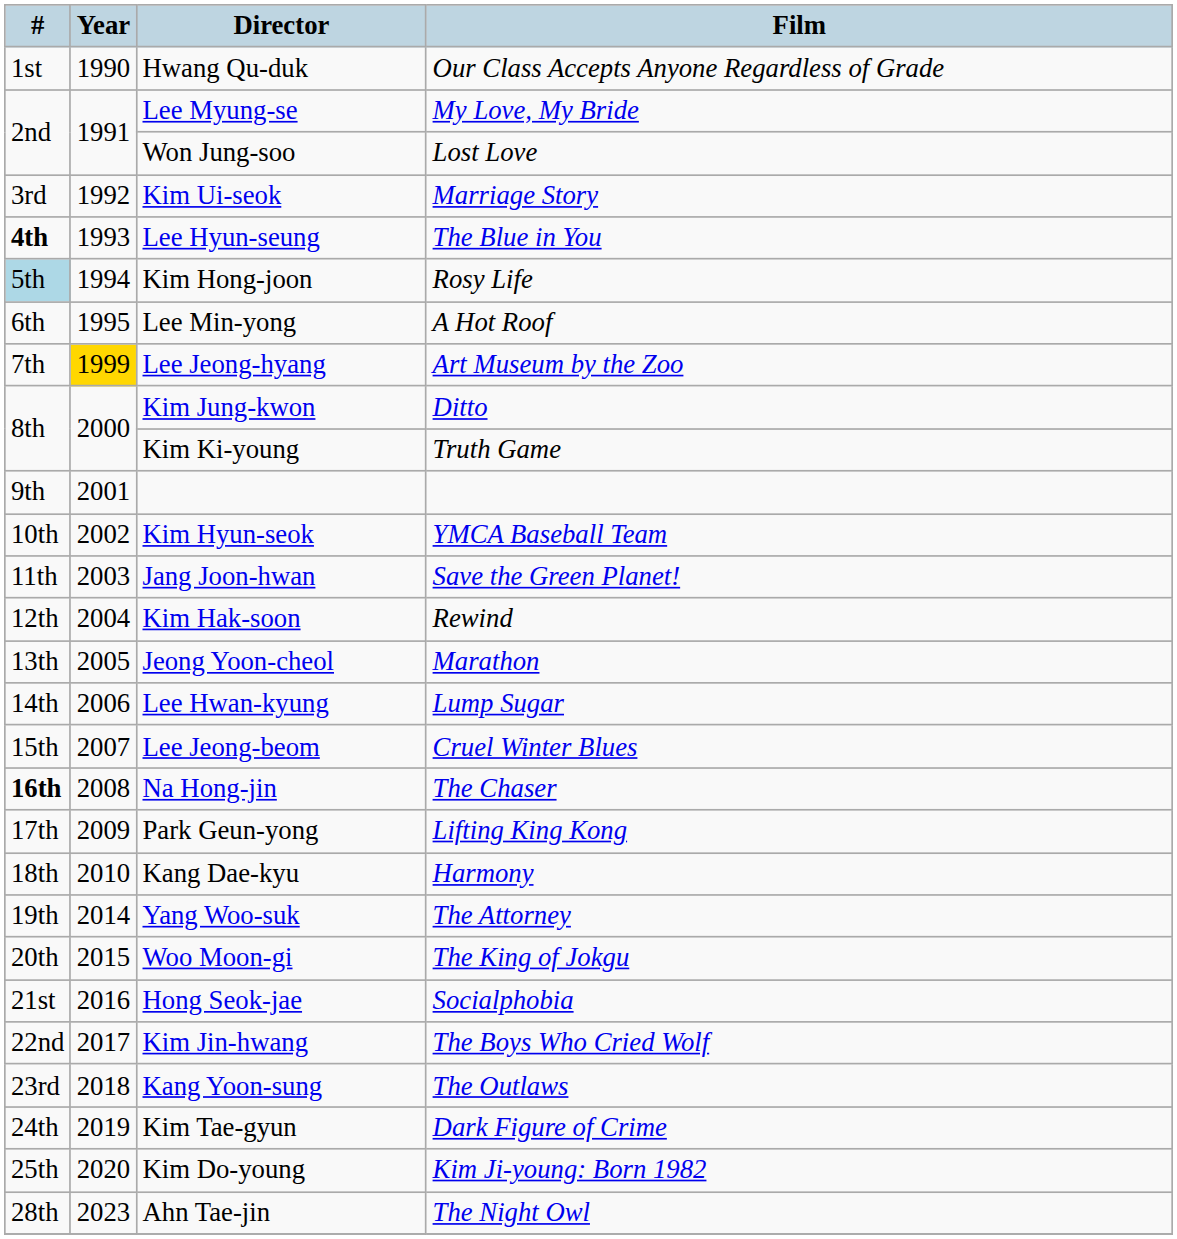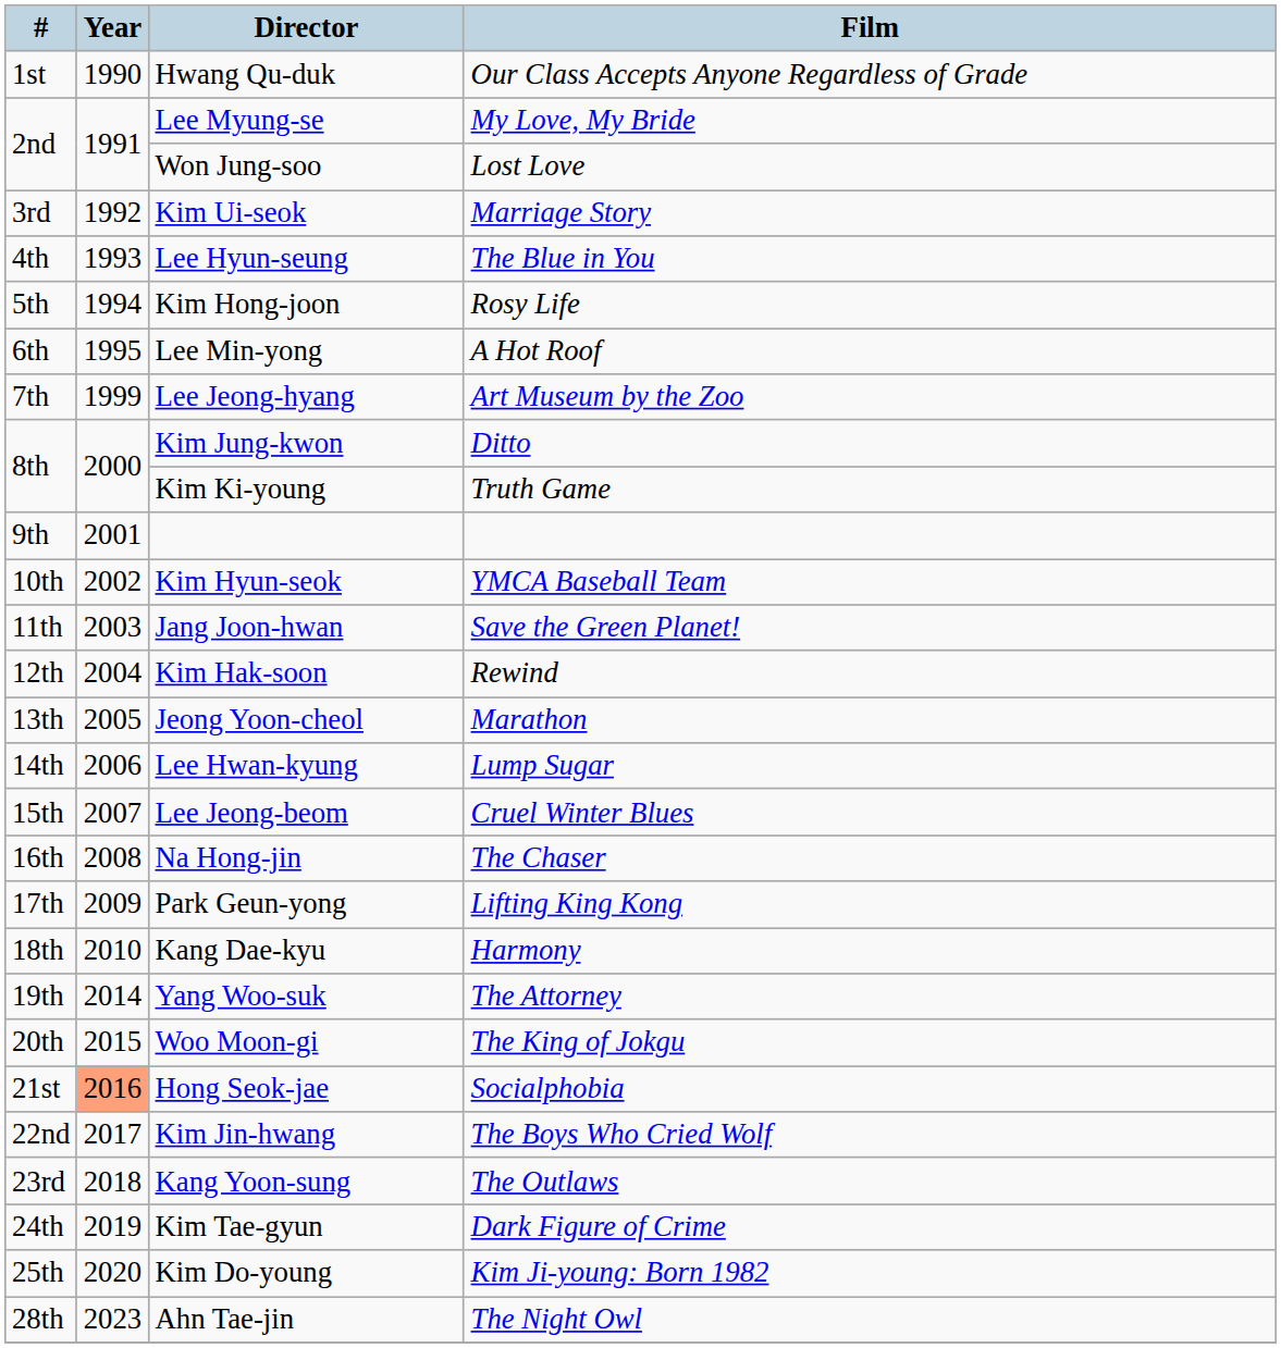 <table class="wikitable" style="width:700px">
 <tr>
 <th style="background:#BED5E1; width:10px">#</th>
 <th style="background:#BED5E1; width:10px">Year</th>
 <th style="background:#BED5E1;">Director</th>
 <th style="background:#BED5E1;">Film</th>
 </tr>
 <tr>
 <td>1st</td>
 <td>1990</td>
 <td>Hwang Qu-duk</td>
 <td><em>Our Class Accepts Anyone Regardless of Grade</em></td>
 </tr>
 <tr>
 <td rowspan=2>2nd</td>
 <td rowspan=2>1991</td>
 <td><a href='#'>Lee Myung-se</a></td>
 <td><em><a href='#'>My Love, My Bride</a></em></td>
 </tr>
 <tr>
 <td>Won Jung-soo</td>
 <td><em>Lost Love</em></td>
 </tr>
 <tr>
 <td>3rd</td>
 <td>1992</td>
 <td><a href='#'>Kim Ui-seok</a></td>
 <td><em><a href='#'>Marriage Story</a></em></td>
 </tr>
 <tr>
-<td><strong>4th</strong></td>
+<td>4th</td>
 <td>1993</td>
 <td><a href='#'>Lee Hyun-seung</a></td>
 <td><em><a href='#'>The Blue in You</a></em></td>
 </tr>
 <tr>
-<td style="background: lightblue;">5th</td>
+<td>5th</td>
 <td>1994</td>
 <td>Kim Hong-joon</td>
 <td><em>Rosy Life</em></td>
 </tr>
 <tr>
 <td>6th</td>
 <td>1995</td>
 <td>Lee Min-yong</td>
 <td><em>A Hot Roof</em></td>
 </tr>
 <tr>
 <td>7th</td>
-<td style="background: gold;">1999</td>
+<td>1999</td>
 <td><a href='#'>Lee Jeong-hyang</a></td>
 <td><em><a href='#'>Art Museum by the Zoo</a></em></td>
 </tr>
 <tr>
 <td rowspan=2>8th</td>
 <td rowspan=2>2000</td>
 <td><a href='#'>Kim Jung-kwon</a></td>
 <td><em><a href='#'>Ditto</a></em></td>
 </tr>
 <tr>
 <td>Kim Ki-young</td>
 <td><em>Truth Game</em></td>
 </tr>
 <tr>
 <td>9th</td>
 <td>2001</td>
 <td></td>
 <td></td>
 </tr>
 <tr>
 <td>10th</td>
 <td>2002</td>
 <td><a href='#'>Kim Hyun-seok</a></td>
 <td><em><a href='#'>YMCA Baseball Team</a></em></td>
 </tr>
 <tr>
 <td>11th</td>
 <td>2003</td>
 <td><a href='#'>Jang Joon-hwan</a></td>
 <td><em><a href='#'>Save the Green Planet!</a></em></td>
 </tr>
 <tr>
 <td>12th</td>
 <td>2004</td>
 <td><a href='#'>Kim Hak-soon</a></td>
 <td><em>Rewind</em> </td>
 </tr>
 <tr>
 <td>13th</td>
 <td>2005</td>
 <td><a href='#'>Jeong Yoon-cheol</a></td>
 <td><em><a href='#'>Marathon</a></em></td>
 </tr>
 <tr>
 <td>14th</td>
 <td>2006</td>
 <td><a href='#'>Lee Hwan-kyung</a></td>
 <td><em><a href='#'>Lump Sugar</a></em></td>
 </tr>
 <tr>
 <td>15th</td>
 <td>2007</td>
 <td><a href='#'>Lee Jeong-beom</a></td>
 <td><em><a href='#'>Cruel Winter Blues</a></em></td>
 </tr>
 <tr>
-<td><strong>16th</strong></td>
+<td>16th</td>
 <td>2008</td>
 <td><a href='#'>Na Hong-jin</a></td>
 <td><em><a href='#'>The Chaser</a></em></td>
 </tr>
 <tr>
 <td>17th</td>
 <td>2009</td>
 <td>Park Geun-yong</td>
 <td><em><a href='#'>Lifting King Kong</a></em></td>
 </tr>
 <tr>
 <td>18th</td>
 <td>2010</td>
 <td>Kang Dae-kyu</td>
 <td><em><a href='#'>Harmony</a></em></td>
 </tr>
 <tr>
 <td>19th</td>
 <td>2014</td>
 <td><a href='#'>Yang Woo-suk</a></td>
 <td><em><a href='#'>The Attorney</a></em></td>
 </tr>
 <tr>
 <td>20th</td>
 <td>2015</td>
 <td><a href='#'>Woo Moon-gi</a></td>
 <td><em><a href='#'>The King of Jokgu</a></em></td>
 </tr>
 <tr>
 <td>21st</td>
-<td>2016</td>
+<td style="background: lightsalmon;">2016</td>
 <td><a href='#'>Hong Seok-jae</a></td>
 <td><em><a href='#'>Socialphobia</a></em></td>
 </tr>
 <tr>
 <td>22nd</td>
 <td>2017</td>
 <td><a href='#'>Kim Jin-hwang</a></td>
 <td><em><a href='#'>The Boys Who Cried Wolf</a></em></td>
 </tr>
 <tr>
 <td>23rd</td>
 <td>2018</td>
 <td><a href='#'>Kang Yoon-sung</a></td>
 <td><em><a href='#'>The Outlaws</a></em></td>
 </tr>
 <tr>
 <td>24th</td>
 <td>2019</td>
 <td>Kim Tae-gyun</td>
 <td><em><a href='#'>Dark Figure of Crime</a></em></td>
 </tr>
 <tr>
 <td>25th</td>
 <td>2020</td>
 <td>Kim Do-young</td>
 <td><em><a href='#'>Kim Ji-young: Born 1982</a></em></td>
 </tr>
 <tr>
 <td>28th</td>
 <td>2023</td>
 <td>Ahn Tae-jin</td>
 <td><em><a href='#'>The Night Owl</a></em></td>
 </tr>
 <tr>
 </tr>
 </table>
